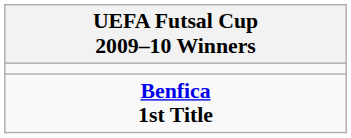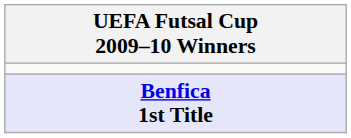 <table class="wikitable" style="text-align: center; margin: 0 auto; width: 20%">
 <tr>
 <th>UEFA Futsal Cup <br>2009–10 Winners</th>
 </tr>
 <tr>
 <td></td>
 </tr>
 <tr>
-<td><strong><a href='#'>Benfica</a></strong><br><strong>1st Title</strong> </td>
+<td style="background: lavender;"><strong><a href='#'>Benfica</a></strong><br><strong>1st Title</strong> </td>
 </tr>
 </table>
